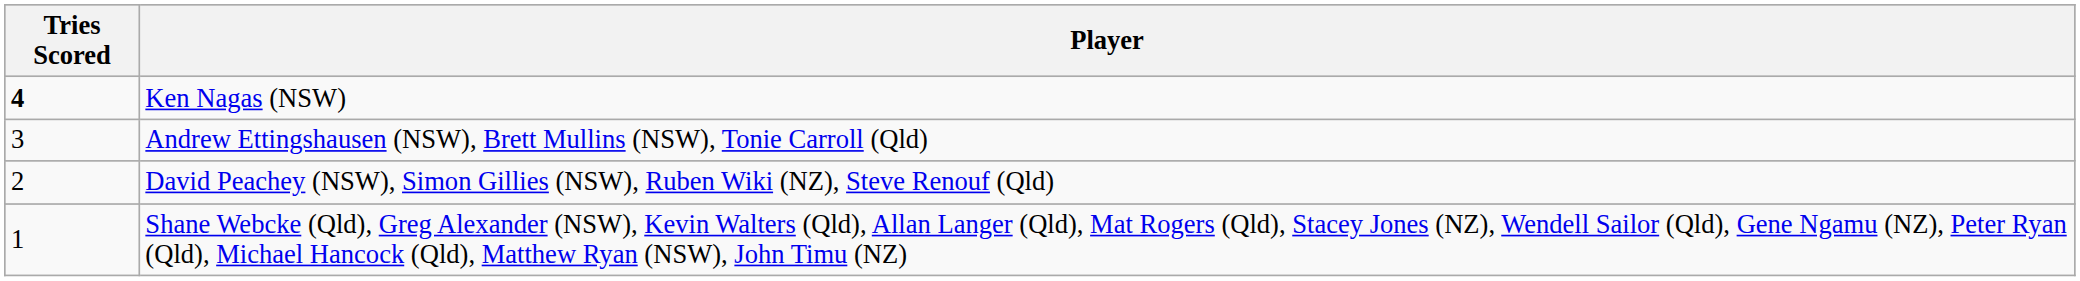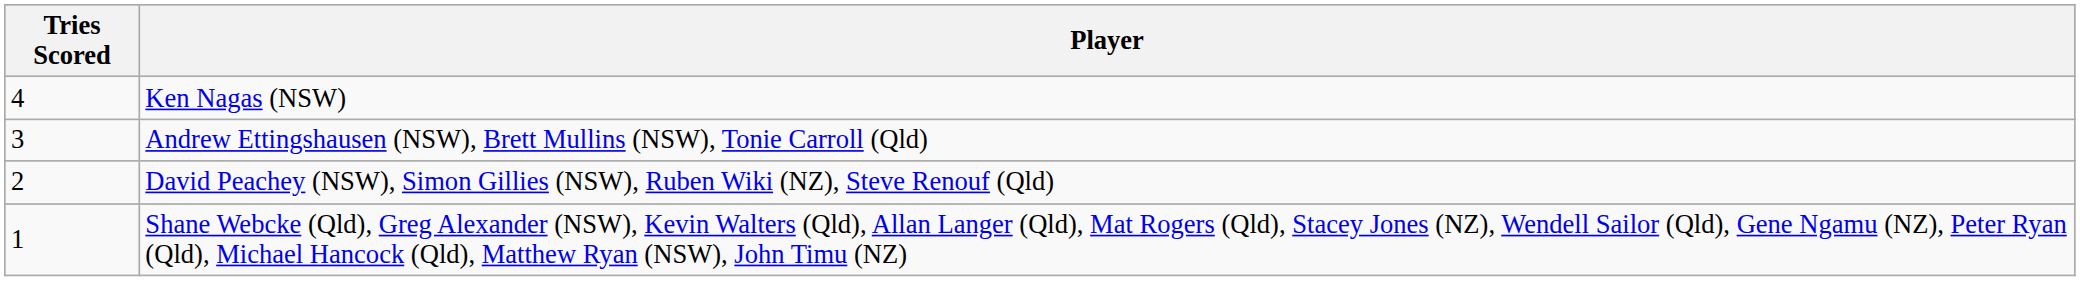 <table class="wikitable" style="text-align:left;">
 <tr>
 <th>Tries Scored</th>
 <th>Player</th>
 </tr>
 <tr>
-<td><strong>4</strong></td>
+<td>4</td>
 <td><a href='#'>Ken Nagas</a> (NSW)</td>
 </tr>
 <tr>
 <td>3</td>
 <td><a href='#'>Andrew Ettingshausen</a> (NSW), <a href='#'>Brett Mullins</a> (NSW), <a href='#'>Tonie Carroll</a> (Qld)</td>
 </tr>
 <tr>
 <td>2</td>
 <td><a href='#'>David Peachey</a> (NSW), <a href='#'>Simon Gillies</a> (NSW), <a href='#'>Ruben Wiki</a> (NZ), <a href='#'>Steve Renouf</a> (Qld)</td>
 </tr>
 <tr>
 <td>1</td>
 <td><a href='#'>Shane Webcke</a> (Qld), <a href='#'>Greg Alexander</a> (NSW), <a href='#'>Kevin Walters</a> (Qld), <a href='#'>Allan Langer</a> (Qld), <a href='#'>Mat Rogers</a> (Qld), <a href='#'>Stacey Jones</a> (NZ), <a href='#'>Wendell Sailor</a> (Qld), <a href='#'>Gene Ngamu</a> (NZ), <a href='#'>Peter Ryan</a> (Qld), <a href='#'>Michael Hancock</a> (Qld), <a href='#'>Matthew Ryan</a> (NSW), <a href='#'>John Timu</a> (NZ)</td>
 </tr>
 </table>
